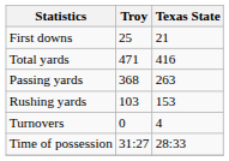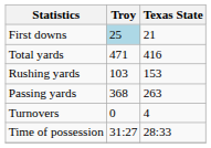 <table class="wikitable" style="float: right;">
 <tr>
 <th>Statistics</th>
 <th>Troy</th>
 <th>Texas State</th>
 </tr>
 <tr>
 <td>First downs</td>
-<td>25</td>
+<td style="background: lightblue;">25</td>
 <td>21</td>
 </tr>
 <tr>
 <td>Total yards</td>
 <td>471</td>
 <td>416</td>
 </tr>
 <tr>
+<td>Rushing yards</td>
+<td>103</td>
+<td>153</td>
+</tr>
+<tr>
 <td>Passing yards</td>
 <td>368</td>
 <td>263</td>
-</tr>
-<tr>
-<td>Rushing yards</td>
-<td>103</td>
-<td>153</td>
 </tr>
 <tr>
 <td>Turnovers</td>
 <td>0</td>
 <td>4</td>
 </tr>
 <tr>
 <td>Time of possession</td>
 <td>31:27</td>
 <td>28:33</td>
 </tr>
 <tr>
 </tr>
 </table>
